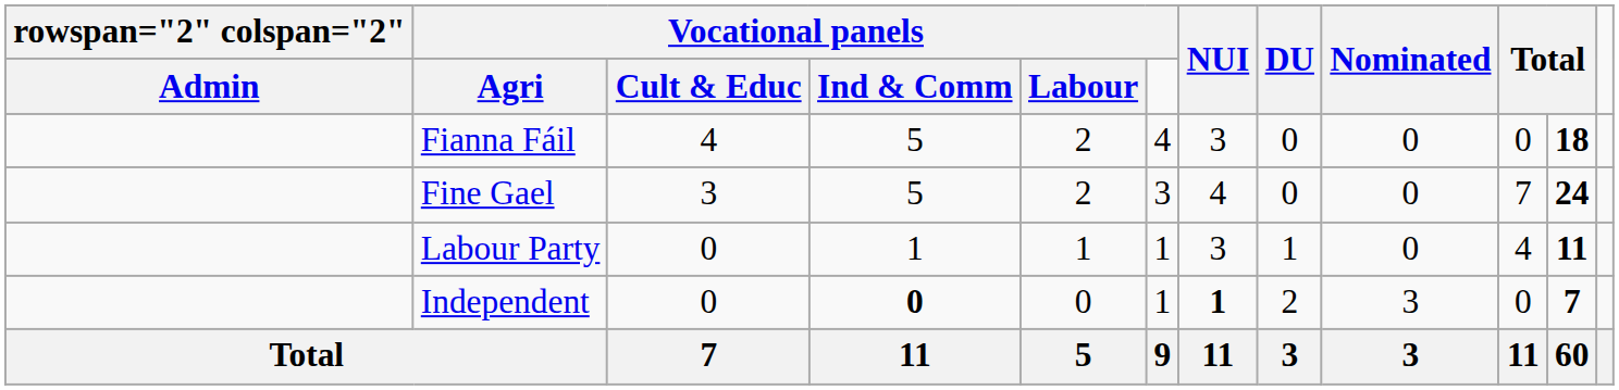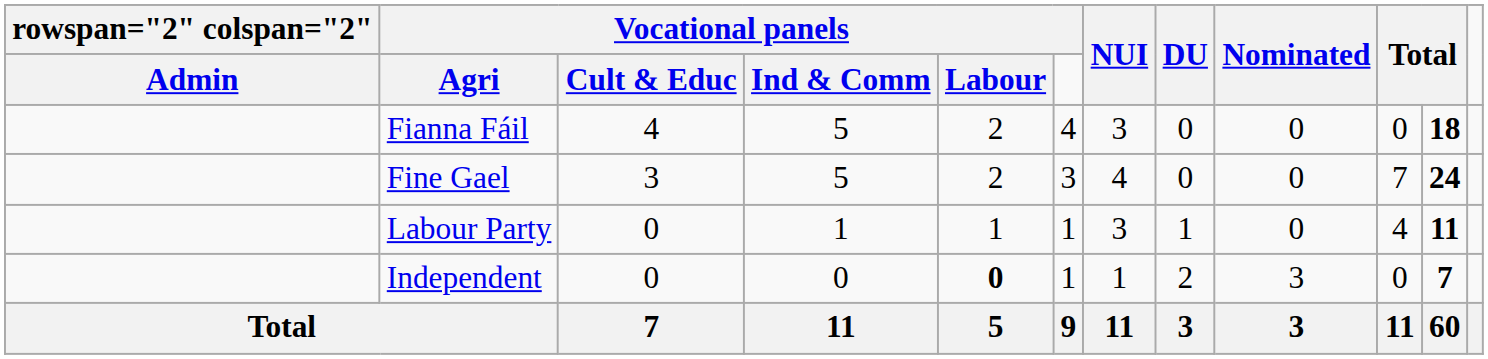 <table class="wikitable">
 <tr>
 <th>rowspan="2" colspan="2" </th>
 <th scope="col" colspan="5"><a href='#'>Vocational panels</a></th>
 <th rowspan="2"><a href='#'>NUI</a></th>
 <th rowspan="2"><a href='#'>DU</a></th>
 <th rowspan="2"><a href='#'>Nominated</a></th>
 <th rowspan="2" colspan="2">Total</th>
 </tr>
 <tr>
 <th scope="col"><a href='#'>Admin</a></th>
 <th scope="col"><a href='#'>Agri</a></th>
 <th scope="col"><a href='#'>Cult & Educ</a></th>
 <th scope="col"><a href='#'>Ind & Comm</a></th>
 <th scope="col"><a href='#'>Labour</a></th>
 </tr>
 <tr style="text-align:center">
 <td style="background-color: "></td>
 <td align="left"><a href='#'>Fianna Fáil</a></td>
 <td>4</td>
 <td>5</td>
 <td>2</td>
 <td>4</td>
 <td>3</td>
 <td>0</td>
 <td>0</td>
 <td>0</td>
 <td><strong>18</strong></td>
 <td style="background-color: "></td>
 </tr>
 <tr style="text-align:center">
 <td style="background-color: "></td>
 <td align="left"><a href='#'>Fine Gael</a></td>
 <td>3</td>
 <td>5</td>
 <td>2</td>
 <td>3</td>
 <td>4</td>
 <td>0</td>
 <td>0</td>
 <td>7</td>
 <td><strong>24</strong></td>
 <td style="background-color: "></td>
 </tr>
 <tr style="text-align:center">
 <td style="background-color: "></td>
 <td align="left"><a href='#'>Labour Party</a></td>
 <td>0</td>
 <td>1</td>
 <td>1</td>
 <td>1</td>
 <td>3</td>
 <td>1</td>
 <td>0</td>
 <td>4</td>
 <td><strong>11</strong></td>
 <td style="background-color: "></td>
 </tr>
 <tr style="text-align:center">
 <td style="background-color: "></td>
 <td align="left"><a href='#'>Independent</a></td>
 <td>0</td>
+<td>0</td>
 <td><strong>0</strong></td>
-<td>0</td>
 <td>1</td>
-<td><strong>1</strong></td>
+<td>1</td>
 <td>2</td>
 <td>3</td>
 <td>0</td>
 <td><strong>7</strong></td>
 <td style="background-color: "></td>
 </tr>
 <tr style="text-align:center">
 <th colspan="2">Total</th>
 <th>7</th>
 <th>11</th>
 <th>5</th>
 <th>9</th>
 <th>11</th>
 <th>3</th>
 <th>3</th>
 <th>11</th>
 <th>60</th>
 <th></th>
 </tr>
 </table>
